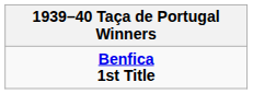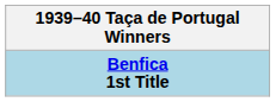 <table class="wikitable" style="text-align: center; margin: 0 auto; width: 20%">
 <tr>
 <th>1939–40 Taça de Portugal Winners</th>
 </tr>
 <tr>
-<td><strong><a href='#'>Benfica</a></strong><br><strong>1st Title</strong></td>
+<td style="background: lightblue;"><strong><a href='#'>Benfica</a></strong><br><strong>1st Title</strong></td>
 </tr>
 </table>
